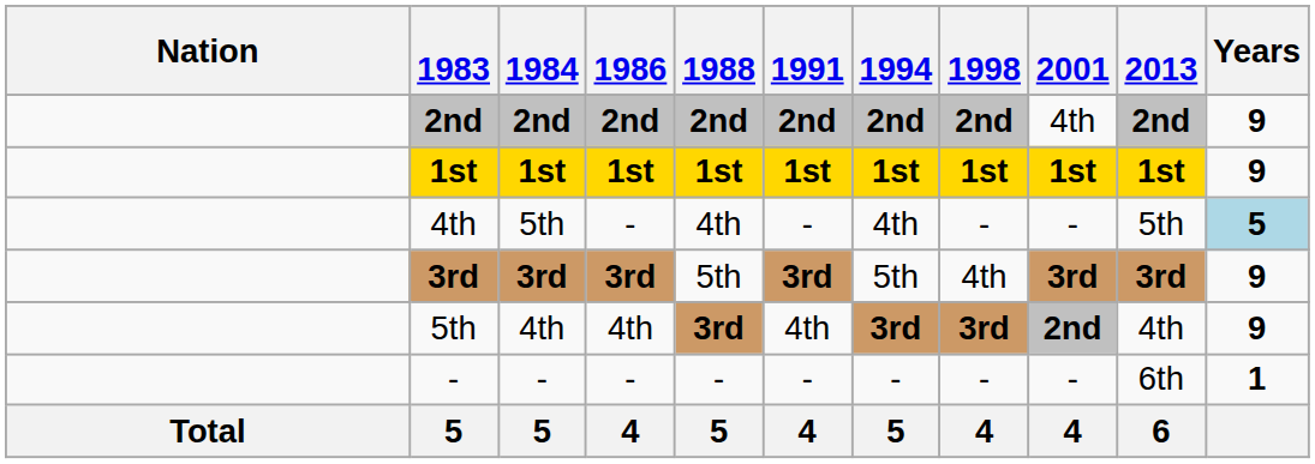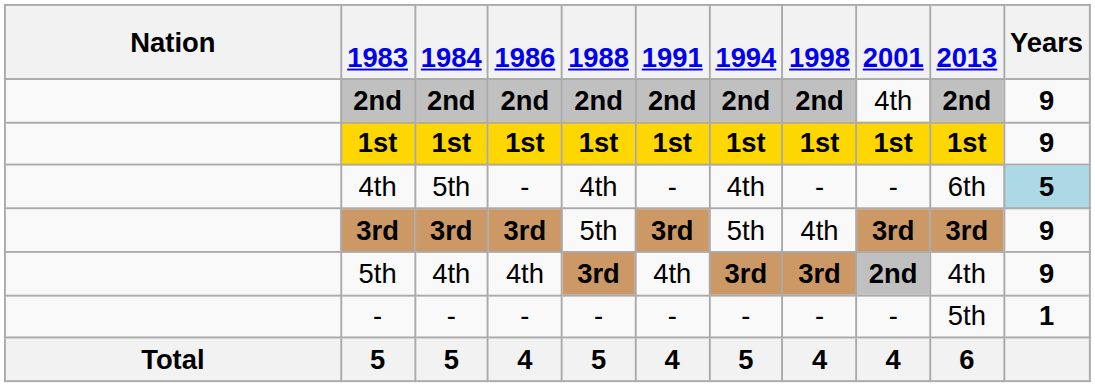 <table class="wikitable" style="text-align:center; font-size:90%">
 <tr>
 <th width=170>Nation</th>
 <th><br><a href='#'>1983</a></th>
 <th><br><a href='#'>1984</a></th>
 <th><br><a href='#'>1986</a></th>
 <th><br><a href='#'>1988</a></th>
 <th><br><a href='#'>1991</a></th>
 <th><br><a href='#'>1994</a></th>
 <th><br><a href='#'>1998</a></th>
 <th><br><a href='#'>2001</a></th>
 <th><br><a href='#'>2013</a></th>
 <th>Years</th>
 </tr>
 <tr>
 <td align=left></td>
 <td bgcolor=silver><strong>2nd</strong></td>
 <td bgcolor=silver><strong>2nd</strong></td>
 <td bgcolor=silver><strong>2nd</strong></td>
 <td bgcolor=silver><strong>2nd</strong></td>
 <td bgcolor=silver><strong>2nd</strong></td>
 <td bgcolor=silver><strong>2nd</strong></td>
 <td bgcolor=silver><strong>2nd</strong></td>
 <td>4th</td>
 <td bgcolor=silver><strong>2nd</strong></td>
 <td><strong>9</strong></td>
 </tr>
 <tr>
 <td align=left></td>
 <td bgcolor=gold><strong>1st</strong></td>
 <td bgcolor=gold><strong>1st</strong></td>
 <td bgcolor=gold><strong>1st</strong></td>
 <td bgcolor=gold><strong>1st</strong></td>
 <td bgcolor=gold><strong>1st</strong></td>
 <td bgcolor=gold><strong>1st</strong></td>
 <td bgcolor=gold><strong>1st</strong></td>
 <td bgcolor=gold><strong>1st</strong></td>
 <td bgcolor=gold><strong>1st</strong></td>
 <td><strong>9</strong></td>
 </tr>
 <tr>
 <td align=left></td>
 <td>4th</td>
 <td>5th</td>
 <td>-</td>
 <td>4th</td>
 <td>-</td>
 <td>4th</td>
 <td>-</td>
 <td>-</td>
-<td>5th</td>
+<td>6th</td>
 <td style="background: lightblue;"><strong>5</strong></td>
 </tr>
 <tr>
 <td align=left></td>
 <td bgcolor=#cc9966><strong>3rd</strong></td>
 <td bgcolor=#cc9966><strong>3rd</strong></td>
 <td bgcolor=#cc9966><strong>3rd</strong></td>
 <td>5th</td>
 <td bgcolor=#cc9966><strong>3rd</strong></td>
 <td>5th</td>
 <td>4th</td>
 <td bgcolor=#cc9966><strong>3rd</strong></td>
 <td bgcolor=#cc9966><strong>3rd</strong></td>
 <td><strong>9</strong></td>
 </tr>
 <tr>
 <td align=left></td>
 <td>5th</td>
 <td>4th</td>
 <td>4th</td>
 <td bgcolor=#cc9966><strong>3rd</strong></td>
 <td>4th</td>
 <td bgcolor=#cc9966><strong>3rd</strong></td>
 <td bgcolor=#cc9966><strong>3rd</strong></td>
 <td bgcolor=silver><strong>2nd</strong></td>
 <td>4th</td>
 <td><strong>9</strong></td>
 </tr>
 <tr>
 <td align=left></td>
 <td>-</td>
 <td>-</td>
 <td>-</td>
 <td>-</td>
 <td>-</td>
 <td>-</td>
 <td>-</td>
 <td>-</td>
-<td>6th</td>
+<td>5th</td>
 <td><strong>1</strong></td>
 </tr>
 <tr>
 <th>Total</th>
 <th>5</th>
 <th>5</th>
 <th>4</th>
 <th>5</th>
 <th>4</th>
 <th>5</th>
 <th>4</th>
 <th>4</th>
 <th>6</th>
 <th></th>
 </tr>
 </table>
